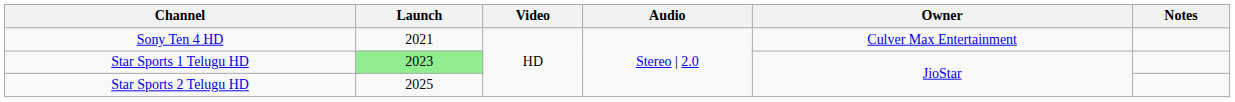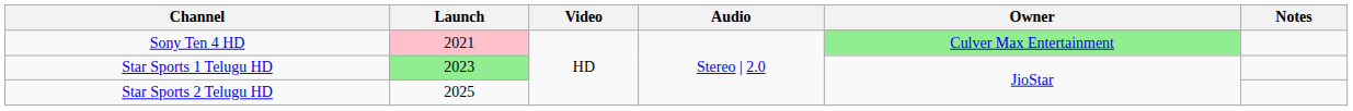 <table class="wikitable sortable" style="border-collapse:collapse; font-size: 90%; text-align:center" width="100%">
 <tr>
 <th>Channel</th>
 <th>Launch</th>
 <th>Video</th>
 <th>Audio</th>
 <th>Owner</th>
 <th>Notes</th>
 </tr>
 <tr>
 <td><a href='#'>Sony Ten 4 HD</a></td>
-<td>2021</td>
+<td style="background: pink;">2021</td>
 <td rowspan="3">HD</td>
 <td rowspan="3"><a href='#'>Stereo</a> | <a href='#'>2.0</a></td>
-<td><a href='#'>Culver Max Entertainment</a></td>
+<td style="background: lightgreen;"><a href='#'>Culver Max Entertainment</a></td>
 <td></td>
 </tr>
 <tr>
 <td><a href='#'>Star Sports 1 Telugu HD</a></td>
 <td style="background: lightgreen;">2023</td>
 <td rowspan="2"><a href='#'>JioStar</a></td>
 <td></td>
 </tr>
 <tr>
 <td><a href='#'>Star Sports 2 Telugu HD</a></td>
 <td>2025</td>
 <td></td>
 </tr>
 </table>
